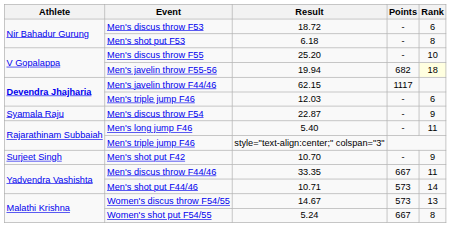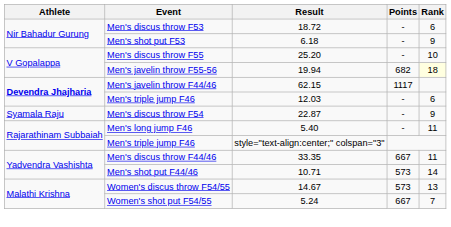 <table class=wikitable style="font-size:90%">
 <tr>
 <th>Athlete</th>
 <th>Event</th>
 <th>Result</th>
 <th>Points</th>
 <th>Rank</th>
 </tr>
 <tr>
 <td rowspan="2"><a href='#'>Nir Bahadur Gurung</a></td>
 <td><a href='#'> Men's discus throw F53</a></td>
 <td style="text-align:center;">18.72</td>
 <td style="text-align:center;">-</td>
 <td style="text-align:center;">6</td>
 </tr>
 <tr>
 <td><a href='#'>Men's shot put F53</a></td>
 <td style="text-align:center;">6.18</td>
 <td style="text-align:center;">-</td>
-<td style="text-align:center;">8</td>
+<td style="text-align:center;">9</td>
 </tr>
 <tr>
 <td rowspan="2"><a href='#'>V Gopalappa</a></td>
 <td><a href='#'> Men's discus throw F55</a></td>
 <td style="text-align:center;">25.20</td>
 <td style="text-align:center;">-</td>
 <td style="text-align:center;">10</td>
 </tr>
 <tr>
 <td><a href='#'> Men's javelin throw F55-56</a></td>
 <td style="text-align:center;">19.94</td>
 <td style="text-align:center;">682</td>
 <td style="background: lightyellow; text-align:center;">18</td>
 </tr>
 <tr>
 <td rowspan="2"><strong><a href='#'>Devendra Jhajharia</a></strong></td>
 <td><a href='#'>Men's javelin throw F44/46</a></td>
 <td style="text-align:center;">62.15 <strong></strong></td>
 <td style="text-align:center;">1117</td>
 <td style="text-align:center;"></td>
 </tr>
 <tr>
 <td><a href='#'>Men's triple jump F46</a></td>
 <td style="text-align:center;">12.03</td>
 <td style="text-align:center;">-</td>
 <td style="text-align:center;">6</td>
 </tr>
 <tr>
 <td><a href='#'>Syamala Raju</a></td>
 <td><a href='#'>Men's discus throw F54</a></td>
 <td style="text-align:center;">22.87</td>
 <td style="text-align:center;">-</td>
 <td style="text-align:center;">9</td>
 </tr>
 <tr>
 <td rowspan="2"><a href='#'>Rajarathinam Subbaiah</a></td>
 <td><a href='#'>Men's long jump F46</a></td>
 <td style="text-align:center;">5.40</td>
 <td style="text-align:center;">-</td>
 <td style="text-align:center;">11</td>
 </tr>
 <tr>
 <td><a href='#'>Men's triple jump F46</a></td>
 <td>style="text-align:center;" colspan="3" </td>
 </tr>
 <tr>
-<td><a href='#'>Surjeet Singh</a></td>
-<td><a href='#'>Men's shot put F42</a></td>
-<td style="text-align:center;">10.70</td>
-<td style="text-align:center;">-</td>
-<td style="text-align:center;">9</td>
-</tr>
-<tr>
 <td rowspan="2"><a href='#'>Yadvendra Vashishta</a></td>
 <td><a href='#'>Men's discus throw F44/46</a></td>
 <td style="text-align:center;">33.35</td>
 <td style="text-align:center;">667</td>
 <td style="text-align:center;">11</td>
 </tr>
 <tr>
 <td><a href='#'>Men's shot put F44/46</a></td>
 <td style="text-align:center;">10.71</td>
 <td style="text-align:center;">573</td>
 <td style="text-align:center;">14</td>
 </tr>
 <tr>
 <td rowspan="2"><a href='#'>Malathi Krishna</a></td>
 <td><a href='#'>Women's discus throw F54/55</a></td>
 <td style="text-align:center;">14.67</td>
 <td style="text-align:center;">573</td>
 <td style="text-align:center;">13</td>
 </tr>
 <tr>
 <td><a href='#'>Women's shot put F54/55</a></td>
 <td style="text-align:center;">5.24</td>
 <td style="text-align:center;">667</td>
-<td style="text-align:center;">8</td>
+<td style="text-align:center;">7</td>
 </tr>
 </table>
